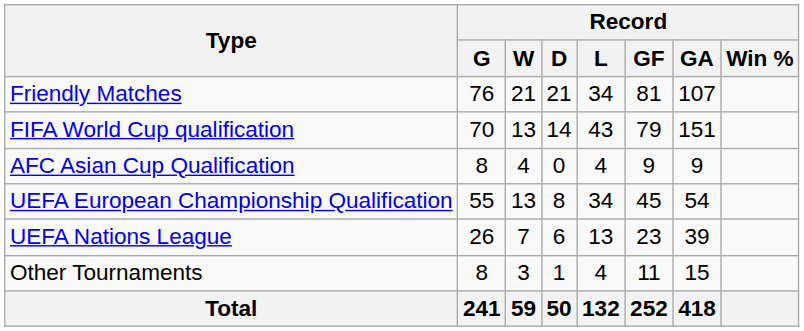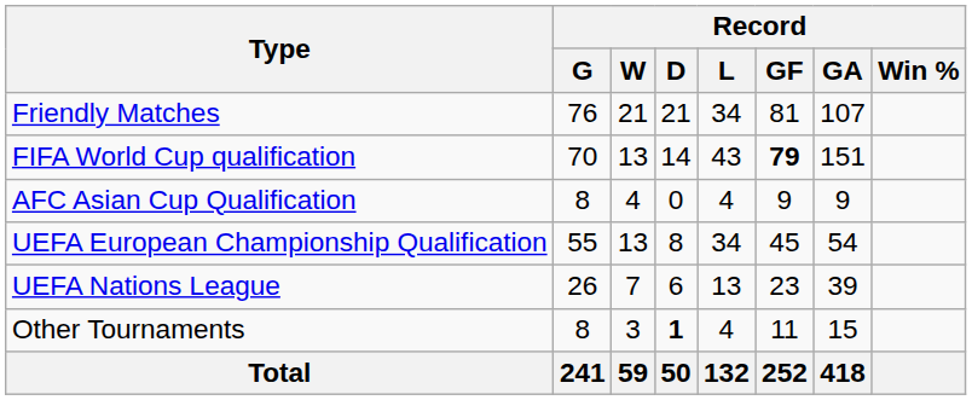 <table class="wikitable" style="text-align: center">
 <tr>
 <th rowspan="2">Type</th>
 <th colspan="8">Record</th>
 </tr>
 <tr>
 <th>G</th>
 <th>W</th>
 <th>D</th>
 <th>L</th>
 <th>GF</th>
 <th>GA</th>
 <th>Win %</th>
 </tr>
 <tr>
 <td align=left><a href='#'>Friendly Matches</a></td>
 <td>76</td>
 <td>21</td>
 <td>21</td>
 <td>34</td>
 <td>81</td>
 <td>107</td>
 <td></td>
 </tr>
 <tr>
 <td align=left><a href='#'>FIFA World Cup qualification</a></td>
 <td>70</td>
 <td>13</td>
 <td>14</td>
 <td>43</td>
-<td>79</td>
+<td><strong>79</strong></td>
 <td>151</td>
 <td></td>
 </tr>
 <tr>
 <td align=left><a href='#'>AFC Asian Cup Qualification</a></td>
 <td>8</td>
 <td>4</td>
 <td>0</td>
 <td>4</td>
 <td>9</td>
 <td>9</td>
 <td></td>
 </tr>
 <tr>
 <td align=left><a href='#'>UEFA European Championship Qualification</a></td>
 <td>55</td>
 <td>13</td>
 <td>8</td>
 <td>34</td>
 <td>45</td>
 <td>54</td>
 <td></td>
 </tr>
 <tr>
 <td align=left><a href='#'>UEFA Nations League</a></td>
 <td>26</td>
 <td>7</td>
 <td>6</td>
 <td>13</td>
 <td>23</td>
 <td>39</td>
 <td></td>
 </tr>
 <tr>
 <td align=left>Other Tournaments</td>
 <td>8</td>
 <td>3</td>
-<td>1</td>
+<td><strong>1</strong></td>
 <td>4</td>
 <td>11</td>
 <td>15</td>
 <td></td>
 </tr>
 <tr>
 <th align=center colspan="1">Total</th>
 <th>241</th>
 <th>59</th>
 <th>50</th>
 <th>132</th>
 <th>252</th>
 <th>418</th>
 <th></th>
 </tr>
 </table>
